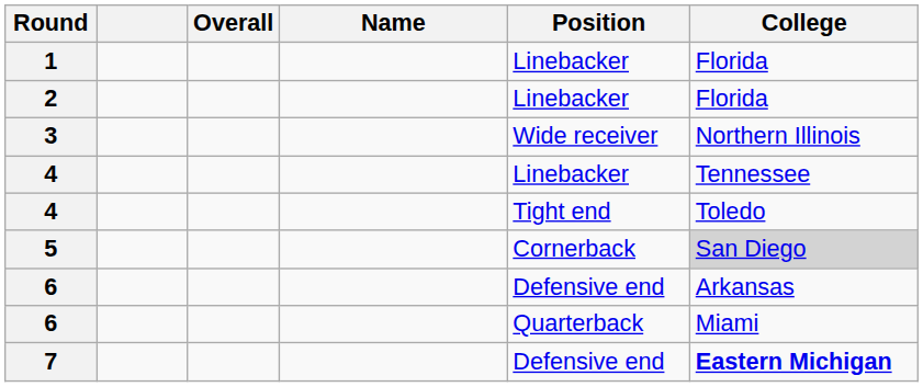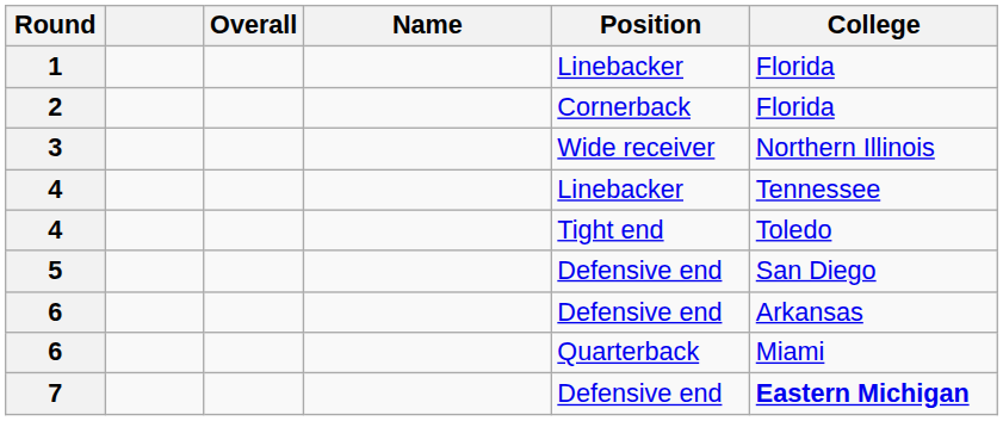 <table class="wikitable sortable">
 <tr>
 <th scope="col" style="width: 10%;">Round</th>
 <th scope="col" style="width: 10%;"></th>
 <th scope="col" style="width: 10%;">Overall</th>
 <th scope="col" style="width: 25%;">Name</th>
 <th scope="col" style="width: 20%;">Position</th>
 <th scope="col" style="width: 25%;">College</th>
 </tr>
 <tr>
 <th scope="row">1</th>
 <td></td>
 <td></td>
 <td></td>
 <td><a href='#'>Linebacker</a></td>
 <td><a href='#'>Florida</a></td>
 </tr>
 <tr>
 <th scope="row">2</th>
 <td></td>
 <td></td>
 <td></td>
-<td><a href='#'>Linebacker</a></td>
+<td><a href='#'>Cornerback</a></td>
 <td><a href='#'>Florida</a></td>
 </tr>
 <tr>
 <th scope="row">3</th>
 <td></td>
 <td></td>
 <td></td>
 <td><a href='#'>Wide receiver</a></td>
 <td><a href='#'>Northern Illinois</a></td>
 </tr>
 <tr>
 <th scope="row">4</th>
 <td></td>
 <td></td>
 <td></td>
 <td><a href='#'>Linebacker</a></td>
 <td><a href='#'>Tennessee</a></td>
 </tr>
 <tr>
 <th scope="row">4</th>
 <td></td>
 <td></td>
 <td></td>
 <td><a href='#'>Tight end</a></td>
 <td><a href='#'>Toledo</a></td>
 </tr>
 <tr>
 <th scope="row">5</th>
 <td></td>
 <td></td>
 <td></td>
-<td><a href='#'>Cornerback</a></td>
-<td style="background: lightgrey;"><a href='#'>San Diego</a></td>
+<td><a href='#'>Defensive end</a></td>
+<td><a href='#'>San Diego</a></td>
 </tr>
 <tr>
 <th scope="row">6</th>
 <td></td>
 <td></td>
 <td></td>
 <td><a href='#'>Defensive end</a></td>
 <td><a href='#'>Arkansas</a></td>
 </tr>
 <tr>
 <th scope="row">6</th>
 <td></td>
 <td></td>
 <td></td>
 <td><a href='#'>Quarterback</a></td>
 <td><a href='#'>Miami</a></td>
 </tr>
 <tr>
 <th scope="row">7</th>
 <td></td>
 <td></td>
 <td></td>
 <td><a href='#'>Defensive end</a></td>
 <td><strong><a href='#'>Eastern Michigan</a></strong></td>
 </tr>
 </table>
